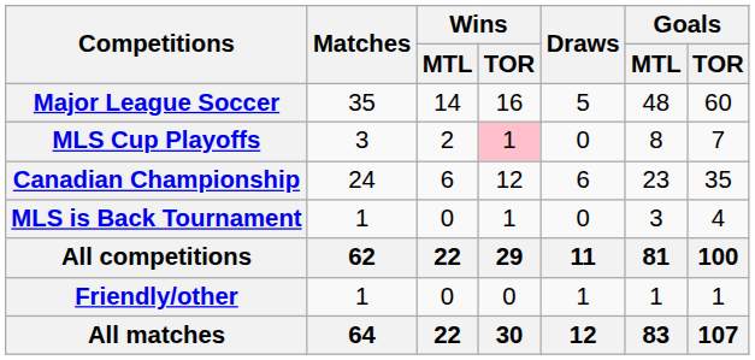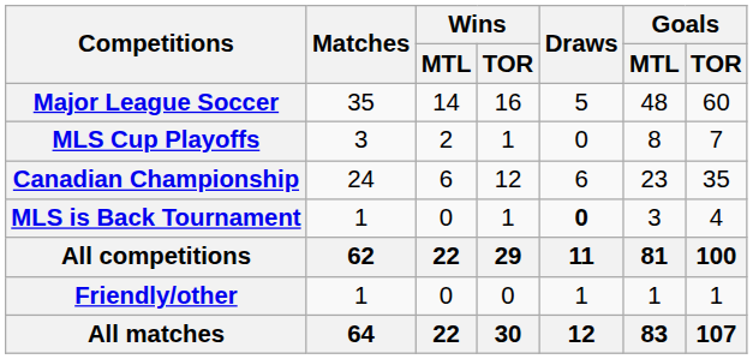 <table class="wikitable" style="text-align:center;">
 <tr>
 <th rowspan="2">Competitions</th>
 <th rowspan="2">Matches</th>
 <th colspan="2">Wins</th>
 <th rowspan="2">Draws</th>
 <th colspan="2">Goals</th>
 </tr>
 <tr>
 <th>MTL</th>
 <th>TOR</th>
 <th>MTL</th>
 <th>TOR</th>
 </tr>
 <tr>
 <th><a href='#'>Major League Soccer</a></th>
 <td>35</td>
 <td>14</td>
 <td>16</td>
 <td>5</td>
 <td>48</td>
 <td>60</td>
 </tr>
 <tr>
 <th><a href='#'>MLS Cup Playoffs</a></th>
 <td>3</td>
 <td>2</td>
-<td style="background: pink;">1</td>
+<td>1</td>
 <td>0</td>
 <td>8</td>
 <td>7</td>
 </tr>
 <tr>
 <th><a href='#'>Canadian Championship</a></th>
 <td>24</td>
 <td>6</td>
 <td>12</td>
 <td>6</td>
 <td>23</td>
 <td>35</td>
 </tr>
 <tr>
 <th><a href='#'>MLS is Back Tournament</a></th>
 <td>1</td>
 <td>0</td>
 <td>1</td>
-<td>0</td>
+<td><strong>0</strong></td>
 <td>3</td>
 <td>4</td>
 </tr>
 <tr>
 <th>All competitions</th>
 <th>62</th>
 <th>22</th>
 <th>29</th>
 <th>11</th>
 <th>81</th>
 <th>100</th>
 </tr>
 <tr>
 <th><a href='#'>Friendly/other</a></th>
 <td>1</td>
 <td>0</td>
 <td>0</td>
 <td>1</td>
 <td>1</td>
 <td>1</td>
 </tr>
 <tr>
 <th>All matches</th>
 <th>64</th>
 <th>22</th>
 <th>30</th>
 <th>12</th>
 <th>83</th>
 <th>107</th>
 </tr>
 </table>
